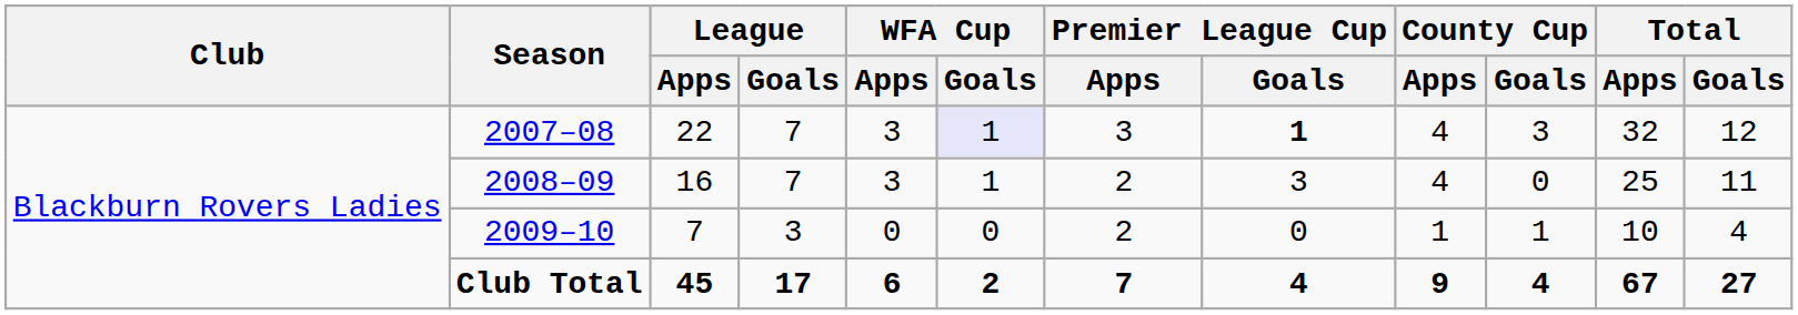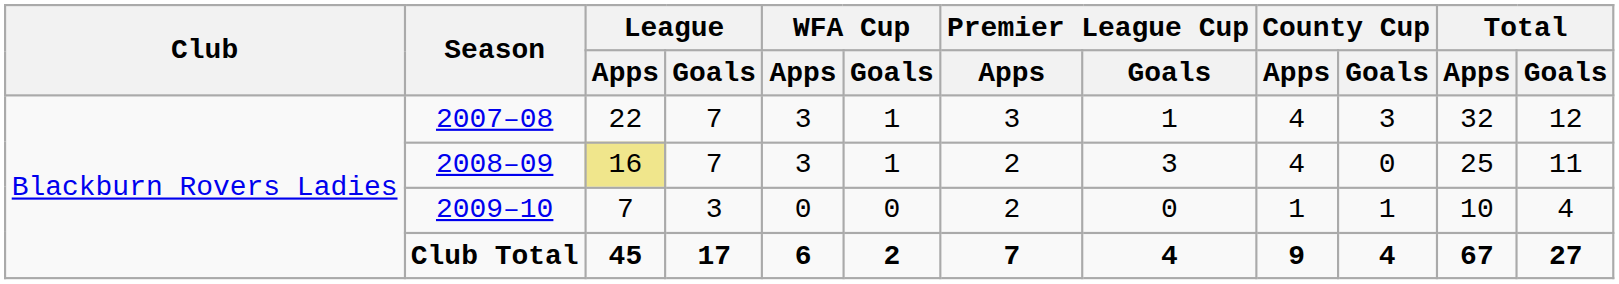 <table class="wikitable" border="1" style="text-align: center;">
 <tr>
 <th rowspan="2">Club</th>
 <th rowspan="2">Season</th>
 <th colspan="2">League</th>
 <th colspan="2">WFA Cup</th>
 <th colspan="2">Premier League Cup</th>
 <th colspan="2">County Cup</th>
 <th colspan="2">Total</th>
 </tr>
 <tr>
 <th>Apps</th>
 <th>Goals</th>
 <th>Apps</th>
 <th>Goals</th>
 <th>Apps</th>
 <th>Goals</th>
 <th>Apps</th>
 <th>Goals</th>
 <th>Apps</th>
 <th>Goals</th>
 </tr>
 <tr>
 <td rowspan="4" valign="center"><a href='#'>Blackburn Rovers Ladies</a></td>
 <td><a href='#'>2007–08</a></td>
 <td>22</td>
 <td>7</td>
 <td>3</td>
-<td style="background: lavender;">1</td>
+<td>1</td>
 <td>3</td>
-<td><strong>1</strong></td>
+<td>1</td>
 <td>4</td>
 <td>3</td>
 <td>32</td>
 <td>12</td>
 </tr>
 <tr>
 <td><a href='#'>2008–09</a></td>
-<td>16</td>
+<td style="background: khaki;">16</td>
 <td>7</td>
 <td>3</td>
 <td>1</td>
 <td>2</td>
 <td>3</td>
 <td>4</td>
 <td>0</td>
 <td>25</td>
 <td>11</td>
 </tr>
 <tr>
 <td><a href='#'>2009–10</a></td>
 <td>7</td>
 <td>3</td>
 <td>0</td>
 <td>0</td>
 <td>2</td>
 <td>0</td>
 <td>1</td>
 <td>1</td>
 <td>10</td>
 <td>4</td>
 </tr>
 <tr>
 <td><strong>Club Total</strong></td>
 <td><strong>45</strong></td>
 <td><strong>17</strong></td>
 <td><strong>6</strong></td>
 <td><strong>2</strong></td>
 <td><strong>7</strong></td>
 <td><strong>4</strong></td>
 <td><strong>9</strong></td>
 <td><strong>4</strong></td>
 <td><strong>67</strong></td>
 <td><strong>27</strong></td>
 </tr>
 </table>
